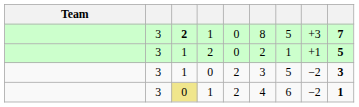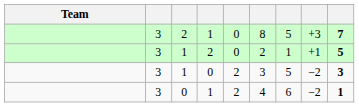 <table class="wikitable" style="text-align: center; font-size: 90%;">
 <tr>
 <th width=165>Team</th>
 <th width=25></th>
 <th width=25></th>
 <th width=25></th>
 <th width=25></th>
 <th width=25></th>
 <th width=25></th>
 <th width=25></th>
 <th width=25></th>
 </tr>
 <tr style="background:#cfc;">
 <td align="left"></td>
 <td>3</td>
-<td><strong>2</strong></td>
+<td>2</td>
 <td>1</td>
 <td>0</td>
 <td>8</td>
 <td>5</td>
 <td>+3</td>
 <td><strong>7</strong></td>
 </tr>
 <tr style="background:#cfc;">
 <td align="left"></td>
 <td>3</td>
 <td>1</td>
 <td>2</td>
 <td>0</td>
 <td>2</td>
 <td>1</td>
 <td>+1</td>
 <td><strong>5</strong></td>
 </tr>
 <tr>
 <td align="left"></td>
 <td>3</td>
 <td>1</td>
 <td>0</td>
 <td>2</td>
 <td>3</td>
 <td>5</td>
 <td>−2</td>
 <td><strong>3</strong></td>
 </tr>
 <tr>
 <td align="left"></td>
 <td>3</td>
-<td style="background: khaki;">0</td>
+<td>0</td>
 <td>1</td>
 <td>2</td>
 <td>4</td>
 <td>6</td>
 <td>−2</td>
 <td><strong>1</strong></td>
 </tr>
 </table>
